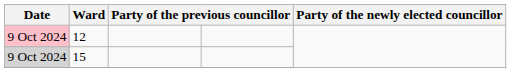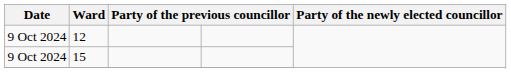 <table class="wikitable">
 <tr>
 <th>Date</th>
 <th>Ward</th>
 <th colspan=2>Party of the previous councillor</th>
 <th colspan=2>Party of the newly elected councillor</th>
 </tr>
 <tr>
-<td style="background: pink;">9 Oct 2024</td>
+<td>9 Oct 2024</td>
 <td>12</td>
 <td></td>
 <td></td>
 </tr>
 <tr>
-<td style="background: lightgrey;">9 Oct 2024</td>
+<td>9 Oct 2024</td>
 <td>15</td>
 <td></td>
 <td></td>
 </tr>
 <tr>
 </tr>
 </table>
